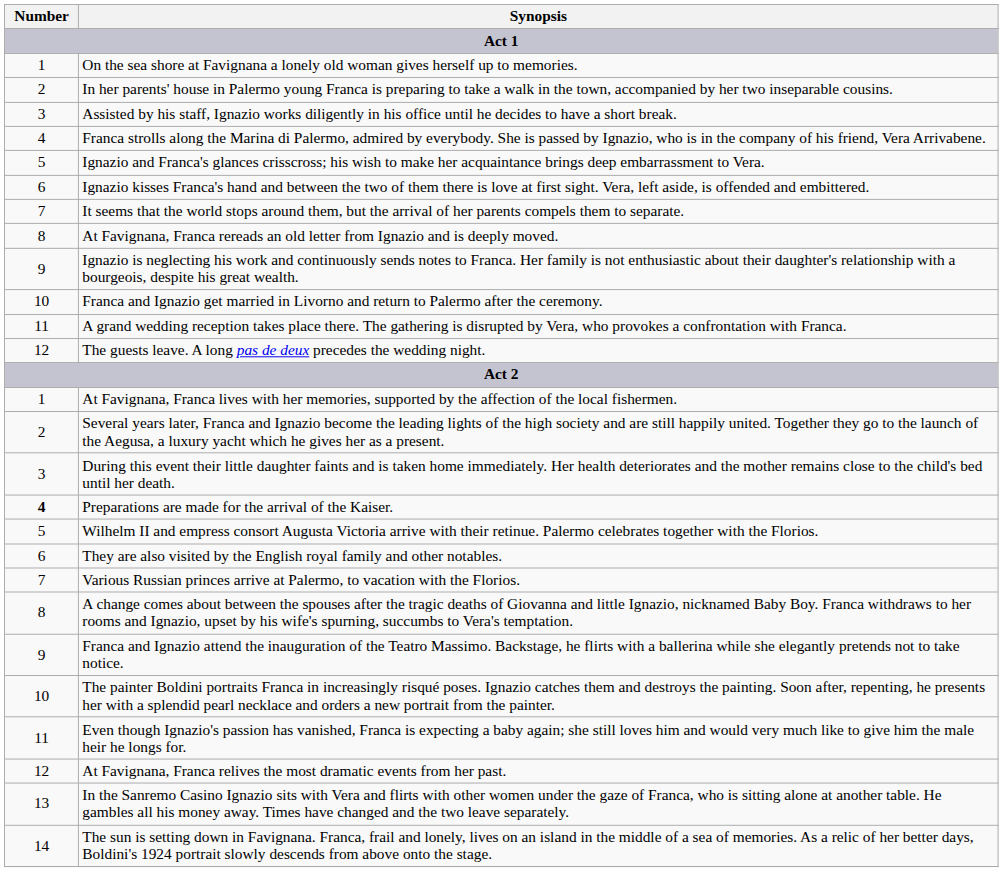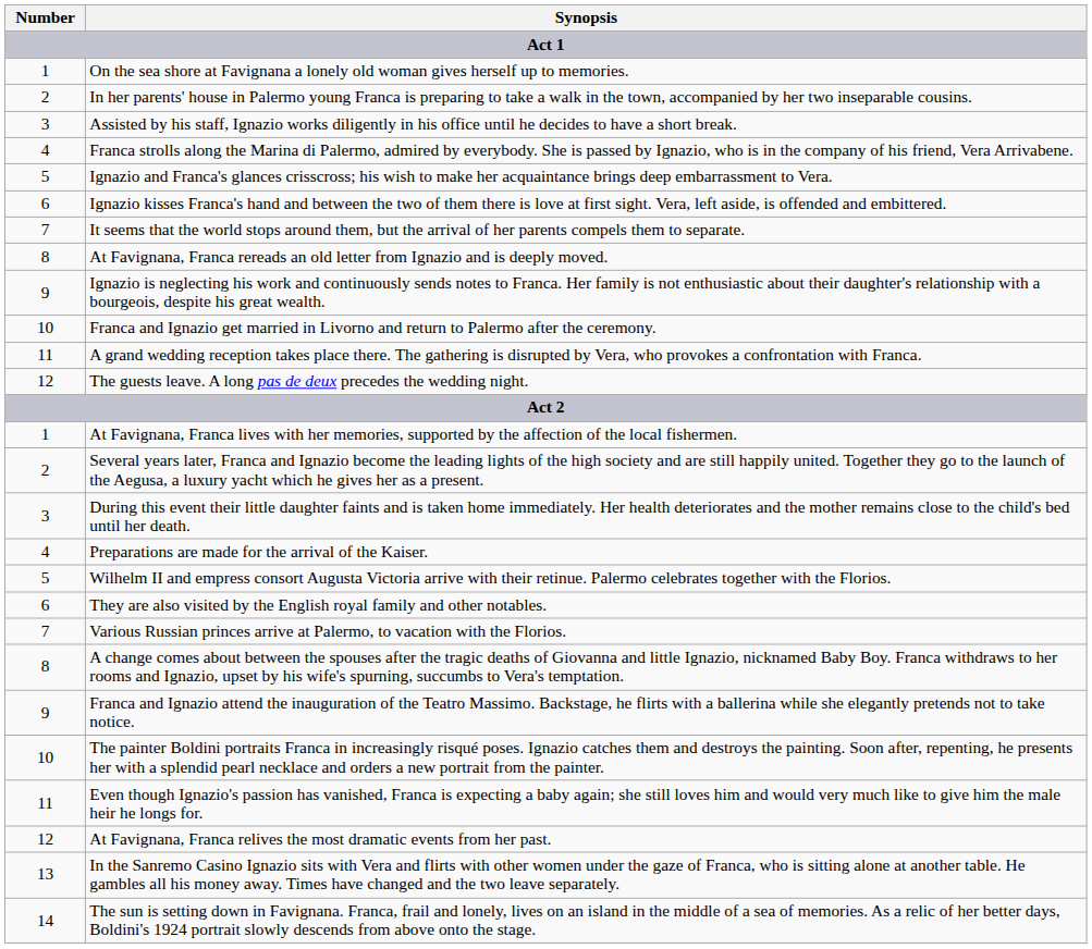 <table class="wikitable">
 <tr>
 <th width="70">Number</th>
 <th width="950">Synopsis</th>
 </tr>
 <tr>
 <th colspan="4" style="background:#C4C3D0;"><strong>Act 1</strong></th>
 </tr>
 <tr>
 <td align="center">1</td>
 <td>On the sea shore at Favignana a lonely old woman gives herself up to memories.</td>
 </tr>
 <tr>
 <td align="center">2</td>
 <td>In her parents' house in Palermo young Franca is preparing to take a walk in the town, accompanied by her two inseparable cousins.</td>
 </tr>
 <tr>
 <td align="center">3</td>
 <td>Assisted by his staff, Ignazio works diligently in his office until he decides to have a short break.</td>
 </tr>
 <tr>
 <td align="center">4</td>
 <td>Franca strolls along the Marina di Palermo, admired by everybody. She is passed by Ignazio, who is in the company of his friend, Vera Arrivabene.</td>
 </tr>
 <tr>
 <td align="center">5</td>
 <td>Ignazio and Franca's glances crisscross; his wish to make her acquaintance brings deep embarrassment to Vera.</td>
 </tr>
 <tr>
 <td align="center">6</td>
 <td>Ignazio kisses Franca's hand and between the two of them there is love at first sight. Vera, left aside, is offended and embittered.</td>
 </tr>
 <tr>
 <td align="center">7</td>
 <td>It seems that the world stops around them, but the arrival of her parents compels them to separate.</td>
 </tr>
 <tr>
 <td align="center">8</td>
 <td>At Favignana, Franca rereads an old letter from Ignazio and is deeply moved.</td>
 </tr>
 <tr>
 <td align="center">9</td>
 <td>Ignazio is neglecting his work and continuously sends notes to Franca. Her family is not enthusiastic about their daughter's relationship with a bourgeois, despite his great wealth.</td>
 </tr>
 <tr>
 <td align="center">10</td>
 <td>Franca and Ignazio get married in Livorno and return to Palermo after the ceremony.</td>
 </tr>
 <tr>
 <td align="center">11</td>
 <td>A grand wedding reception takes place there. The gathering is disrupted by Vera, who provokes a confrontation with Franca.</td>
 </tr>
 <tr>
 <td align="center">12</td>
 <td>The guests leave. A long <em><a href='#'>pas de deux</a></em> precedes the wedding night.</td>
 </tr>
 <tr>
 <th colspan="4" style="background:#C4C3D0;"><strong>Act 2</strong></th>
 </tr>
 <tr>
 <td align="center">1</td>
 <td>At Favignana, Franca lives with her memories, supported by the affection of the local fishermen.</td>
 </tr>
 <tr>
 <td align="center">2</td>
 <td>Several years later, Franca and Ignazio become the leading lights of the high society and are still happily united. Together they go to the launch of the Aegusa, a luxury yacht which he gives her as a present.</td>
 </tr>
 <tr>
 <td align="center">3</td>
 <td>During this event their little daughter faints and is taken home immediately. Her health deteriorates and the mother remains close to the child's bed until her death.</td>
 </tr>
 <tr>
-<td align="center"><strong>4</strong></td>
+<td align="center">4</td>
 <td>Preparations are made for the arrival of the Kaiser.</td>
 </tr>
 <tr>
 <td align="center">5</td>
 <td>Wilhelm II and empress consort Augusta Victoria arrive with their retinue. Palermo celebrates together with the Florios.</td>
 </tr>
 <tr>
 <td align="center">6</td>
 <td>They are also visited by the English royal family and other notables.</td>
 </tr>
 <tr>
 <td align="center">7</td>
 <td>Various Russian princes arrive at Palermo, to vacation with the Florios.</td>
 </tr>
 <tr>
 <td align="center">8</td>
 <td>A change comes about between the spouses after the tragic deaths of Giovanna and little Ignazio, nicknamed Baby Boy. Franca withdraws to her rooms and Ignazio, upset by his wife's spurning, succumbs to Vera's temptation.</td>
 </tr>
 <tr>
 <td align="center">9</td>
 <td>Franca and Ignazio attend the inauguration of the Teatro Massimo. Backstage, he flirts with a ballerina while she elegantly pretends not to take notice.</td>
 </tr>
 <tr>
 <td align="center">10</td>
 <td>The painter Boldini portraits Franca in increasingly risqué poses. Ignazio catches them and destroys the painting. Soon after, repenting, he presents her with a splendid pearl necklace and orders a new portrait from the painter.</td>
 </tr>
 <tr>
 <td align="center">11</td>
 <td>Even though Ignazio's passion has vanished, Franca is expecting a baby again; she still loves him and would very much like to give him the male heir he longs for.</td>
 </tr>
 <tr>
 <td align="center">12</td>
 <td>At Favignana, Franca relives the most dramatic events from her past.</td>
 </tr>
 <tr>
 <td align="center">13</td>
 <td>In the Sanremo Casino Ignazio sits with Vera and flirts with other women under the gaze of Franca, who is sitting alone at another table. He gambles all his money away. Times have changed and the two leave separately.</td>
 </tr>
 <tr>
 <td align="center">14</td>
 <td>The sun is setting down in Favignana. Franca, frail and lonely, lives on an island in the middle of a sea of memories. As a relic of her better days, Boldini's 1924 portrait slowly descends from above onto the stage.</td>
 </tr>
 <tr>
 </tr>
 </table>
